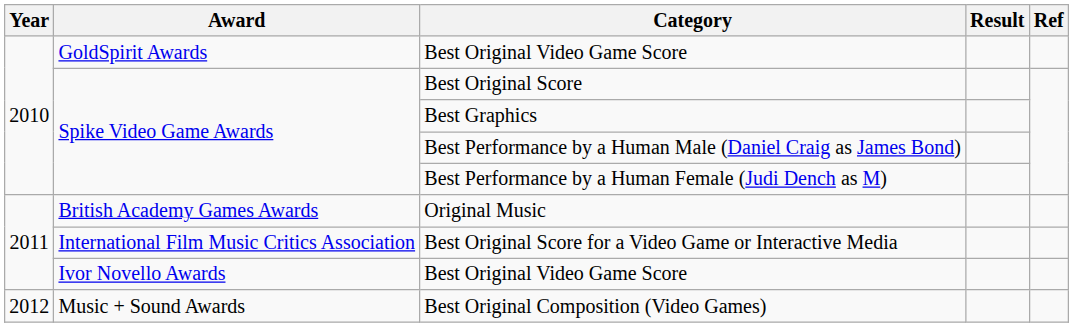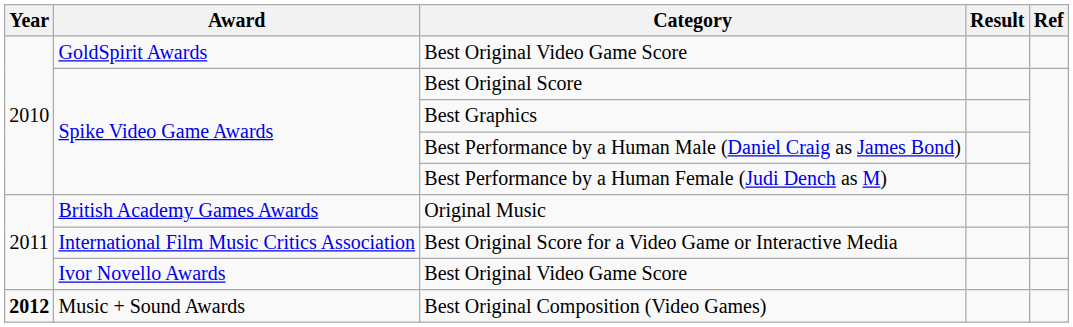 <table class="wikitable sortable">
 <tr>
 <th>Year</th>
 <th>Award</th>
 <th>Category</th>
 <th>Result</th>
 <th>Ref</th>
 </tr>
 <tr>
 <td style="text-align:center;" rowspan="5">2010</td>
 <td><a href='#'>GoldSpirit Awards</a></td>
 <td>Best Original Video Game Score</td>
 <td></td>
 <td style="text-align:center;"></td>
 </tr>
 <tr>
 <td rowspan="4"><a href='#'>Spike Video Game Awards</a></td>
 <td>Best Original Score</td>
 <td></td>
 <td style="text-align:center;" rowspan="4"></td>
 </tr>
 <tr>
 <td>Best Graphics</td>
 <td></td>
 </tr>
 <tr>
 <td>Best Performance by a Human Male (<a href='#'>Daniel Craig</a> as <a href='#'>James Bond</a>)</td>
 <td></td>
 </tr>
 <tr>
 <td>Best Performance by a Human Female (<a href='#'>Judi Dench</a> as <a href='#'>M</a>)</td>
 <td></td>
 </tr>
 <tr>
 <td style="text-align:center;" rowspan="3">2011</td>
 <td><a href='#'>British Academy Games Awards</a></td>
 <td>Original Music</td>
 <td></td>
 <td style="text-align:center;"></td>
 </tr>
 <tr>
 <td><a href='#'>International Film Music Critics Association</a></td>
 <td>Best Original Score for a Video Game or Interactive Media</td>
 <td></td>
 <td style="text-align:center;"></td>
 </tr>
 <tr>
 <td><a href='#'>Ivor Novello Awards</a></td>
 <td>Best Original Video Game Score</td>
 <td></td>
 <td style="text-align:center;"></td>
 </tr>
 <tr>
-<td style="text-align:center;">2012</td>
+<td style="text-align:center;"><strong>2012</strong></td>
 <td>Music + Sound Awards</td>
 <td>Best Original Composition (Video Games)</td>
 <td></td>
 <td style="text-align:center;"></td>
 </tr>
 </table>
